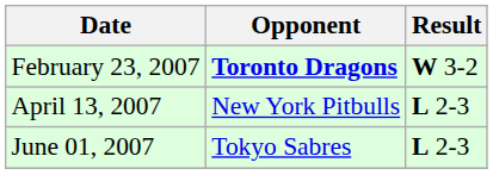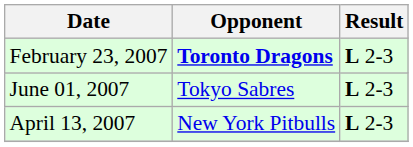 <table class="wikitable">
 <tr>
 <th>Date</th>
 <th>Opponent</th>
 <th>Result</th>
 </tr>
 <tr style="background: #ddffdd;">
 <td>February 23, 2007</td>
 <td><strong><a href='#'>Toronto Dragons</a></strong></td>
-<td><strong>W</strong> 3-2</td>
-</tr>
-<tr style="background: #ddffdd;">
-<td>April 13, 2007</td>
-<td><a href='#'>New York Pitbulls</a></td>
 <td><strong>L</strong> 2-3</td>
 </tr>
 <tr style="background: #ddffdd;">
 <td>June 01, 2007</td>
 <td><a href='#'>Tokyo Sabres</a></td>
 <td><strong>L</strong> 2-3</td>
 </tr>
 <tr style="background: #ddffdd;">
+<td>April 13, 2007</td>
+<td><a href='#'>New York Pitbulls</a></td>
+<td><strong>L</strong> 2-3</td>
+</tr>
+<tr style="background: #ddffdd;">
 </tr>
 </table>
